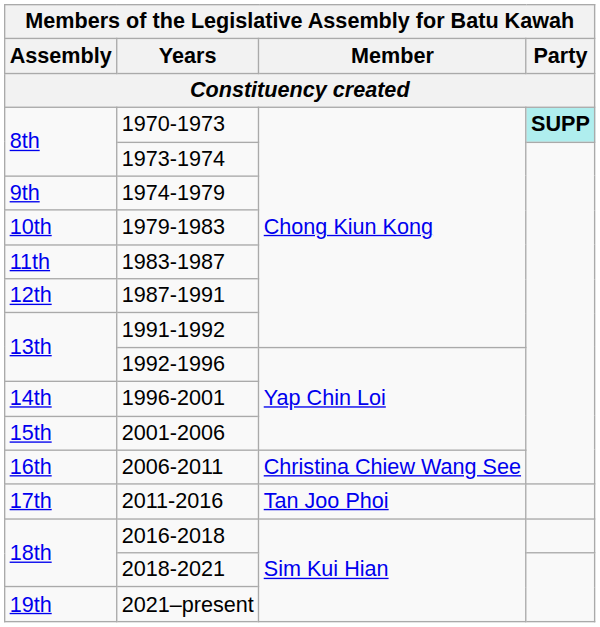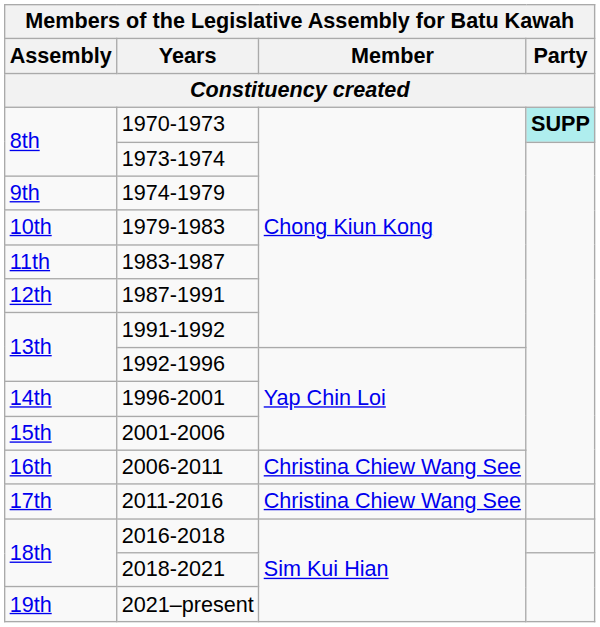 <table class=wikitable>
 <tr>
 <th colspan="4">Members of the Legislative Assembly for Batu Kawah</th>
 </tr>
 <tr>
 <th>Assembly</th>
 <th>Years</th>
 <th>Member</th>
 <th>Party</th>
 </tr>
 <tr>
 <th colspan=4 align=center><em>Constituency created</em></th>
 </tr>
 <tr>
 <td rowspan=2><a href='#'>8th</a></td>
 <td>1970-1973</td>
 <td rowspan=7><a href='#'>Chong Kiun Kong</a></td>
 <td style="background: paleturquoise;"><strong>SUPP</strong></td>
 </tr>
 <tr>
 <td>1973-1974</td>
 <td rowspan=10></td>
 </tr>
 <tr>
 <td><a href='#'>9th</a></td>
 <td>1974-1979</td>
 </tr>
 <tr>
 <td><a href='#'>10th</a></td>
 <td>1979-1983</td>
 </tr>
 <tr>
 <td><a href='#'>11th</a></td>
 <td>1983-1987</td>
 </tr>
 <tr>
 <td><a href='#'>12th</a></td>
 <td>1987-1991</td>
 </tr>
 <tr>
 <td rowspan=2><a href='#'>13th</a></td>
 <td>1991-1992</td>
 </tr>
 <tr>
 <td>1992-1996</td>
 <td rowspan=3><a href='#'>Yap Chin Loi</a></td>
 </tr>
 <tr>
 <td><a href='#'>14th</a></td>
 <td>1996-2001</td>
 </tr>
 <tr>
 <td><a href='#'>15th</a></td>
 <td>2001-2006</td>
 </tr>
 <tr>
 <td><a href='#'>16th</a></td>
 <td>2006-2011</td>
 <td><a href='#'>Christina Chiew Wang See</a></td>
 </tr>
 <tr>
 <td><a href='#'>17th</a></td>
 <td>2011-2016</td>
-<td><a href='#'>Tan Joo Phoi</a></td>
+<td><a href='#'>Christina Chiew Wang See</a></td>
 <td></td>
 </tr>
 <tr>
 <td rowspan=2><a href='#'>18th</a></td>
 <td>2016-2018</td>
 <td rowspan="3"><a href='#'>Sim Kui Hian</a></td>
 <td></td>
 </tr>
 <tr>
 <td>2018-2021</td>
 <td rowspan="2"></td>
 </tr>
 <tr>
 <td><a href='#'>19th</a></td>
 <td>2021–present</td>
 </tr>
 </table>
